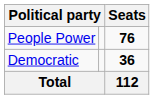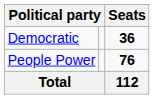 <table class="wikitable">
 <tr>
 <th colspan="2">Political party</th>
 <th>Seats</th>
+</tr>
+<tr>
+<td><a href='#'>Democratic</a></td>
+<td style="background:"></td>
+<td style="text-align: center;"><strong>36</strong></td>
 </tr>
 <tr>
 <td><a href='#'>People Power</a></td>
 <td style="background:"></td>
 <td style="text-align: center;"><strong>76</strong></td>
 </tr>
 <tr>
-<td><a href='#'>Democratic</a></td>
-<td style="background:"></td>
-<td style="text-align: center;"><strong>36</strong></td>
-</tr>
-<tr>
 <th colspan="2">Total</th>
 <th>112</th>
 </tr>
 </table>
